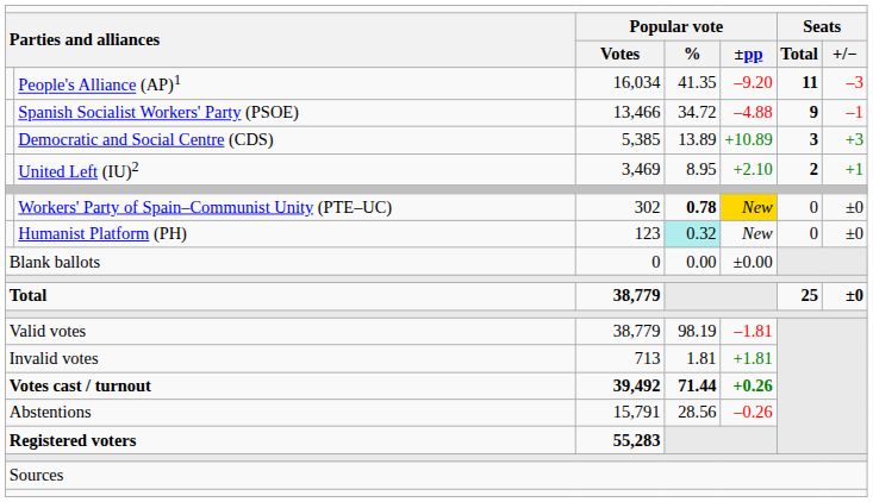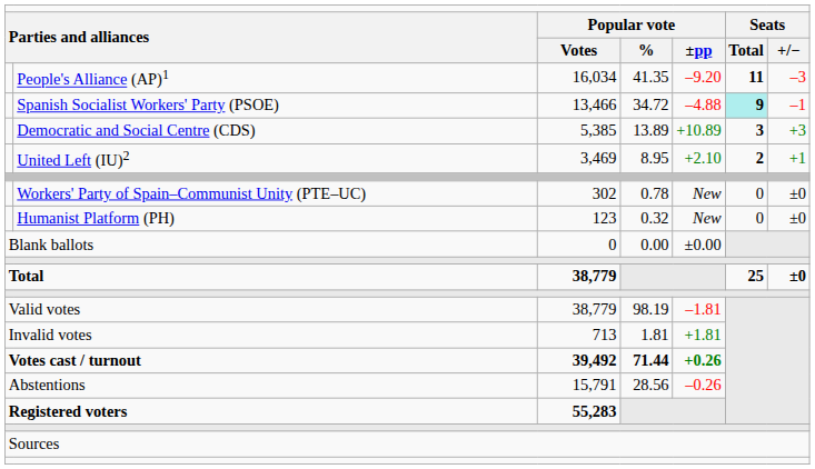 <table class="wikitable" style="text-align:right;">
 <tr>
 <td colspan="7"></td>
 </tr>
 <tr>
 <th style="text-align:left;" rowspan="2" colspan="2" width="525">Parties and alliances</th>
 <th colspan="3">Popular vote</th>
 <th colspan="2">Seats</th>
 </tr>
 <tr>
 <th width="75">Votes</th>
 <th width="45">%</th>
 <th width="45">±<a href='#'>pp</a></th>
 <th width="35">Total</th>
 <th width="35">+/−</th>
 </tr>
 <tr>
 <td width="1" style="color:inherit;background:"></td>
 <td align="left"><a href='#'>People's Alliance</a> (AP)<sup>1</sup></td>
 <td>16,034</td>
 <td>41.35</td>
 <td style="color:red;">–9.20</td>
 <td><strong>11</strong></td>
 <td style="color:red;">–3</td>
 </tr>
 <tr>
 <td style="color:inherit;background:"></td>
 <td align="left"><a href='#'>Spanish Socialist Workers' Party</a> (PSOE)</td>
 <td>13,466</td>
 <td>34.72</td>
 <td style="color:red;">–4.88</td>
-<td><strong>9</strong></td>
+<td style="background: paleturquoise;"><strong>9</strong></td>
 <td style="color:red;">–1</td>
 </tr>
 <tr>
 <td style="color:inherit;background:"></td>
 <td align="left"><a href='#'>Democratic and Social Centre</a> (CDS)</td>
 <td>5,385</td>
 <td>13.89</td>
 <td style="color:green;">+10.89</td>
 <td><strong>3</strong></td>
 <td style="color:green;">+3</td>
 </tr>
 <tr>
 <td style="color:inherit;background:"></td>
 <td align="left"><a href='#'>United Left</a> (IU)<sup>2</sup></td>
 <td>3,469</td>
 <td>8.95</td>
 <td style="color:green;">+2.10</td>
 <td><strong>2</strong></td>
 <td style="color:green;">+1</td>
 </tr>
 <tr>
 <td colspan="7" bgcolor="#C0C0C0"></td>
 </tr>
 <tr>
 <td style="color:inherit;background:"></td>
 <td align="left"><a href='#'>Workers' Party of Spain–Communist Unity</a> (PTE–UC)</td>
 <td>302</td>
-<td><strong>0.78</strong></td>
-<td style="background: gold;"><em>New</em></td>
+<td>0.78</td>
+<td><em>New</em></td>
 <td>0</td>
 <td>±0</td>
 </tr>
 <tr>
 <td style="color:inherit;background:"></td>
 <td align="left"><a href='#'>Humanist Platform</a> (PH)</td>
 <td>123</td>
-<td style="background: paleturquoise;">0.32</td>
+<td>0.32</td>
 <td><em>New</em></td>
 <td>0</td>
 <td>±0</td>
 </tr>
 <tr>
 <td align="left" colspan="2">Blank ballots</td>
 <td>0</td>
 <td>0.00</td>
 <td>±0.00</td>
 <td bgcolor="#E9E9E9" colspan="2"></td>
 </tr>
 <tr>
 <td colspan="7" bgcolor="#E9E9E9"></td>
 </tr>
 <tr style="font-weight:bold;">
 <td align="left" colspan="2">Total</td>
 <td>38,779</td>
 <td bgcolor="#E9E9E9" colspan="2"></td>
 <td>25</td>
 <td>±0</td>
 </tr>
 <tr>
 <td colspan="7" bgcolor="#E9E9E9"></td>
 </tr>
 <tr>
 <td align="left" colspan="2">Valid votes</td>
 <td>38,779</td>
 <td>98.19</td>
 <td style="color:red;">–1.81</td>
 <td bgcolor="#E9E9E9" colspan="2" rowspan="5"></td>
 </tr>
 <tr>
 <td align="left" colspan="2">Invalid votes</td>
 <td>713</td>
 <td>1.81</td>
 <td style="color:green;">+1.81</td>
 </tr>
 <tr style="font-weight:bold;">
 <td align="left" colspan="2">Votes cast / turnout</td>
 <td>39,492</td>
 <td>71.44</td>
 <td style="color:green;">+0.26</td>
 </tr>
 <tr>
 <td align="left" colspan="2">Abstentions</td>
 <td>15,791</td>
 <td>28.56</td>
 <td style="color:red;">–0.26</td>
 </tr>
 <tr style="font-weight:bold;">
 <td align="left" colspan="2">Registered voters</td>
 <td>55,283</td>
 <td bgcolor="#E9E9E9" colspan="2"></td>
 </tr>
 <tr>
 <td colspan="7" bgcolor="#E9E9E9"></td>
 </tr>
 <tr>
 <td align="left" colspan="7">Sources</td>
 </tr>
 <tr>
 <td colspan="7" style="text-align:left; max-width:790px;"></td>
 </tr>
 </table>
